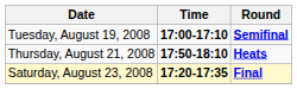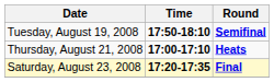 <table class="wikitable">
 <tr>
 <th>Date</th>
 <th>Time</th>
 <th>Round</th>
 </tr>
 <tr>
 <td>Tuesday, August 19, 2008</td>
-<td><strong>17:00-17:10</strong></td>
+<td><strong>17:50-18:10</strong></td>
 <td><strong> <a href='#'>Semifinal</a></strong></td>
 </tr>
 <tr>
 <td>Thursday, August 21, 2008</td>
-<td><strong>17:50-18:10</strong></td>
+<td><strong>17:00-17:10</strong></td>
 <td><strong><a href='#'>Heats</a></strong></td>
 </tr>
 <tr>
 <td style=background:lemonchiffon>Saturday, August 23, 2008</td>
 <td style=background:lemonchiffon><strong>17:20-17:35</strong></td>
 <td style=background:lemonchiffon><strong><a href='#'>Final</a></strong></td>
 </tr>
 <tr>
 </tr>
 </table>
